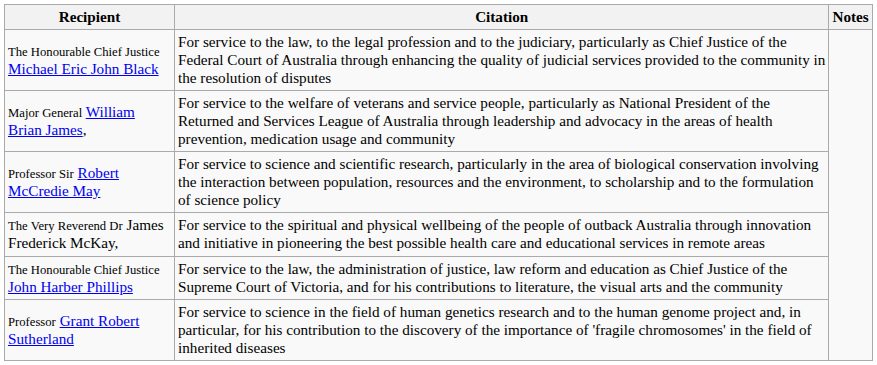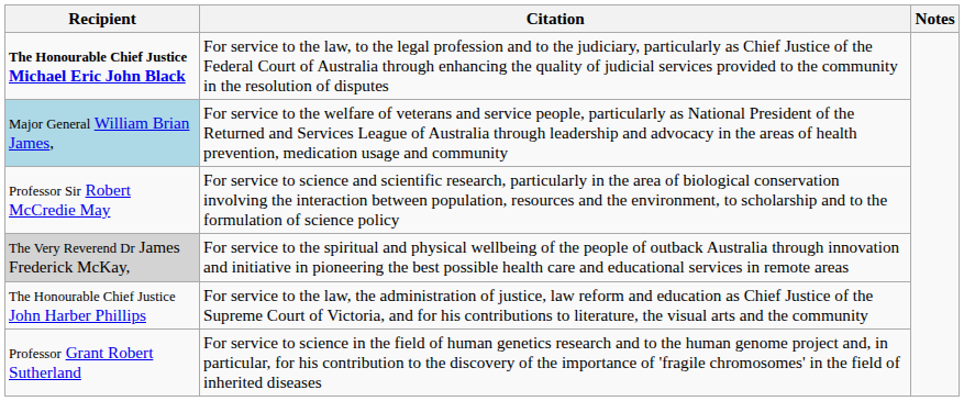 <table class="wikitable" style="font-size:95%;">
 <tr>
 <th>Recipient</th>
 <th>Citation</th>
 <th>Notes</th>
 </tr>
 <tr>
-<td><small>The Honourable Chief Justice</small> <a href='#'>Michael Eric John Black</a></td>
+<td><strong><small>The Honourable Chief Justice</small> <a href='#'>Michael Eric John Black</a></strong></td>
 <td>For service to the law, to the legal profession and to the judiciary, particularly as Chief Justice of the Federal Court of Australia through enhancing the quality of judicial services provided to the community in the resolution of disputes</td>
 <td rowspan="8"></td>
 </tr>
 <tr>
-<td><small>Major General</small> <a href='#'>William Brian James</a>, </td>
+<td style="background: lightblue;"><small>Major General</small> <a href='#'>William Brian James</a>, </td>
 <td>For service to the welfare of veterans and service people, particularly as National President of the Returned and Services League of Australia through leadership and advocacy in the areas of health prevention, medication usage and community</td>
 </tr>
 <tr>
 <td><small>Professor Sir</small> <a href='#'>Robert McCredie May</a></td>
 <td>For service to science and scientific research, particularly in the area of biological conservation involving the interaction between population, resources and the environment, to scholarship and to the formulation of science policy</td>
 </tr>
 <tr>
-<td><small>The Very Reverend Dr</small> James Frederick McKay, </td>
+<td style="background: lightgrey;"><small>The Very Reverend Dr</small> James Frederick McKay, </td>
 <td>For service to the spiritual and physical wellbeing of the people of outback Australia through innovation and initiative in pioneering the best possible health care and educational services in remote areas</td>
 </tr>
 <tr>
 <td><small>The Honourable Chief Justice</small> <a href='#'>John Harber Phillips</a></td>
 <td>For service to the law, the administration of justice, law reform and education as Chief Justice of the Supreme Court of Victoria, and for his contributions to literature, the visual arts and the community</td>
 </tr>
 <tr>
 <td><small>Professor</small> <a href='#'>Grant Robert Sutherland</a></td>
 <td>For service to science in the field of human genetics research and to the human genome project and, in particular, for his contribution to the discovery of the importance of 'fragile chromosomes' in the field of inherited diseases</td>
 </tr>
 </table>
